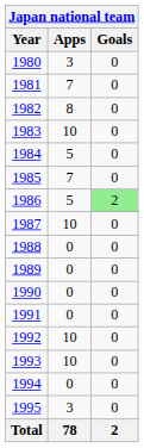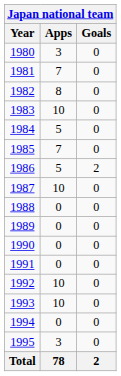 <table class="wikitable" style="text-align:center">
 <tr>
 <th colspan=3><a href='#'>Japan national team</a></th>
 </tr>
 <tr>
 <th>Year</th>
 <th>Apps</th>
 <th>Goals</th>
 </tr>
 <tr>
 <td><a href='#'>1980</a></td>
 <td>3</td>
 <td>0</td>
 </tr>
 <tr>
 <td><a href='#'>1981</a></td>
 <td>7</td>
 <td>0</td>
 </tr>
 <tr>
 <td><a href='#'>1982</a></td>
 <td>8</td>
 <td>0</td>
 </tr>
 <tr>
 <td><a href='#'>1983</a></td>
 <td>10</td>
 <td>0</td>
 </tr>
 <tr>
 <td><a href='#'>1984</a></td>
 <td>5</td>
 <td>0</td>
 </tr>
 <tr>
 <td><a href='#'>1985</a></td>
 <td>7</td>
 <td>0</td>
 </tr>
 <tr>
 <td><a href='#'>1986</a></td>
 <td>5</td>
-<td style="background: lightgreen;">2</td>
+<td>2</td>
 </tr>
 <tr>
 <td><a href='#'>1987</a></td>
 <td>10</td>
 <td>0</td>
 </tr>
 <tr>
 <td><a href='#'>1988</a></td>
 <td>0</td>
 <td>0</td>
 </tr>
 <tr>
 <td><a href='#'>1989</a></td>
 <td>0</td>
 <td>0</td>
 </tr>
 <tr>
 <td><a href='#'>1990</a></td>
 <td>0</td>
 <td>0</td>
 </tr>
 <tr>
 <td><a href='#'>1991</a></td>
 <td>0</td>
 <td>0</td>
 </tr>
 <tr>
 <td><a href='#'>1992</a></td>
 <td>10</td>
 <td>0</td>
 </tr>
 <tr>
 <td><a href='#'>1993</a></td>
 <td>10</td>
 <td>0</td>
 </tr>
 <tr>
 <td><a href='#'>1994</a></td>
 <td>0</td>
 <td>0</td>
 </tr>
 <tr>
 <td><a href='#'>1995</a></td>
 <td>3</td>
 <td>0</td>
 </tr>
 <tr>
 <th>Total</th>
 <th>78</th>
 <th>2</th>
 </tr>
 </table>
